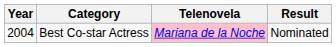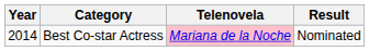 <table class="wikitable">
 <tr style="background:#b0c4de;">
 <th>Year</th>
 <th>Category</th>
 <th>Telenovela</th>
 <th>Result</th>
 </tr>
 <tr>
-<td>2004</td>
+<td>2014</td>
 <td>Best Co-star Actress</td>
 <td style="background: pink;"><em><a href='#'>Mariana de la Noche</a></em></td>
 <td>Nominated</td>
 </tr>
 </table>
